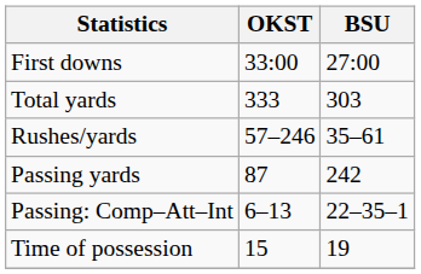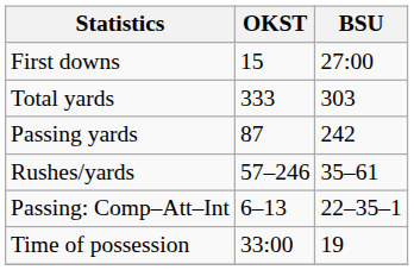 <table class="wikitable" style="float: left;">
 <tr>
 <th>Statistics</th>
 <th>OKST</th>
 <th>BSU</th>
 </tr>
 <tr>
 <td>First downs</td>
-<td>33:00</td>
+<td>15</td>
 <td>27:00</td>
 </tr>
 <tr>
 <td>Total yards</td>
 <td>333</td>
 <td>303</td>
 </tr>
 <tr>
+<td>Passing yards</td>
+<td>87</td>
+<td>242</td>
+</tr>
+<tr>
 <td>Rushes/yards</td>
 <td>57–246</td>
 <td>35–61</td>
-</tr>
-<tr>
-<td>Passing yards</td>
-<td>87</td>
-<td>242</td>
 </tr>
 <tr>
 <td>Passing: Comp–Att–Int</td>
 <td>6–13</td>
 <td>22–35–1</td>
 </tr>
 <tr>
 <td>Time of possession</td>
-<td>15</td>
+<td>33:00</td>
 <td>19</td>
 </tr>
 <tr>
 </tr>
 </table>
